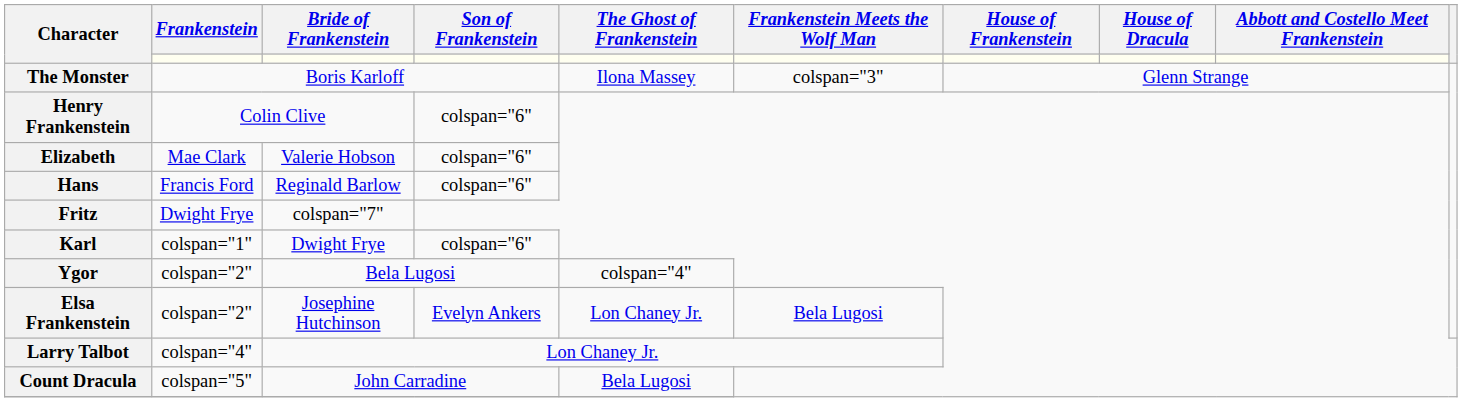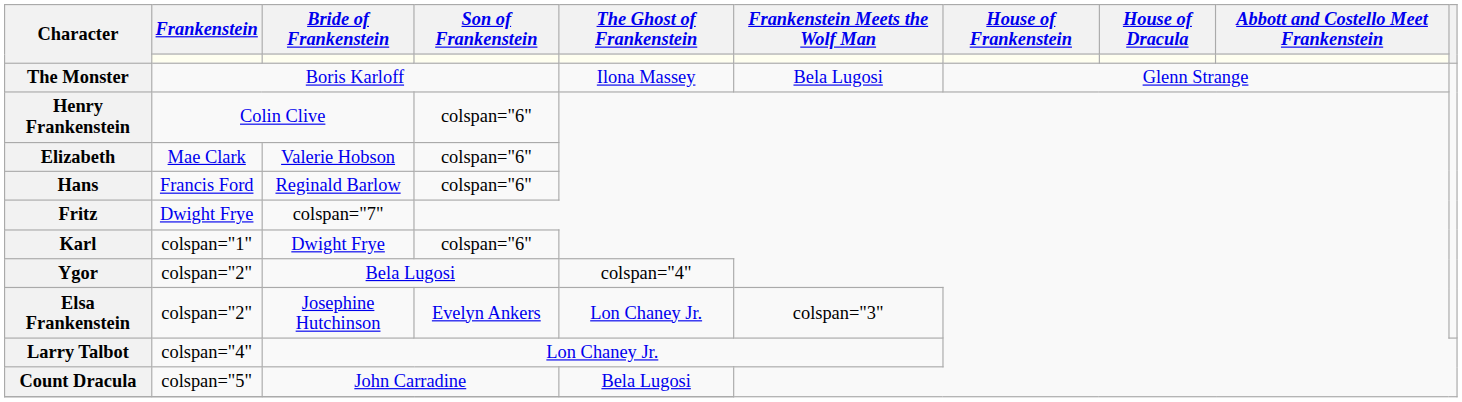 <table class="wikitable sticky-header mw-collapsible" style="text-align:center; width: 100%">
 <tr>
 <th rowspan="2">Character</th>
 <th><em><a href='#'>Frankenstein</a></em></th>
 <th><em><a href='#'>Bride of Frankenstein</a></em></th>
 <th><em><a href='#'>Son of Frankenstein</a></em></th>
 <th><em><a href='#'>The Ghost of Frankenstein</a></em></th>
 <th><em><a href='#'>Frankenstein Meets the Wolf Man</a></em></th>
 <th><em><a href='#'>House of Frankenstein</a></em></th>
 <th><em><a href='#'>House of Dracula</a></em></th>
 <th><em><a href='#'>Abbott and Costello Meet Frankenstein</a></em></th>
 <th rowspan="2"></th>
 </tr>
 <tr>
 <th style="background:ivory;"></th>
 <th style="background:ivory;"></th>
 <th style="background:ivory;"></th>
 <th style="background:ivory;"></th>
 <th style="background:ivory;"></th>
 <th style="background:ivory;"></th>
 <th style="background:ivory;"></th>
 <th style="background:ivory;"></th>
 </tr>
 <tr>
 <th scope="row">The Monster</th>
 <td colspan="3"><a href='#'>Boris Karloff</a></td>
 <td><a href='#'>Ilona Massey</a></td>
-<td>colspan="3" </td>
+<td><a href='#'>Bela Lugosi</a></td>
 <td colspan=3><a href='#'>Glenn Strange</a></td>
 <td rowspan="8"><br><br><br><br><br><br><br></td>
 </tr>
 <tr>
 <th scope="row">Henry Frankenstein</th>
 <td colspan="2"><a href='#'>Colin Clive</a></td>
 <td>colspan="6" </td>
 </tr>
 <tr>
 <th scope="row">Elizabeth</th>
 <td><a href='#'>Mae Clark</a></td>
 <td><a href='#'>Valerie Hobson</a></td>
 <td>colspan="6" </td>
 </tr>
 <tr>
 <th scope="row">Hans</th>
 <td><a href='#'>Francis Ford</a></td>
 <td><a href='#'>Reginald Barlow</a></td>
 <td>colspan="6" </td>
 </tr>
 <tr>
 <th scope="row">Fritz</th>
 <td><a href='#'>Dwight Frye</a></td>
 <td>colspan="7" </td>
 </tr>
 <tr>
 <th scope="row">Karl</th>
 <td>colspan="1" </td>
 <td><a href='#'>Dwight Frye</a></td>
 <td>colspan="6" </td>
 </tr>
 <tr>
 <th scope="row">Ygor</th>
 <td>colspan="2" </td>
 <td colspan="2"><a href='#'>Bela Lugosi</a></td>
 <td>colspan="4" </td>
 </tr>
 <tr>
 <th scope="row">Elsa Frankenstein</th>
 <td>colspan="2" </td>
 <td><a href='#'>Josephine Hutchinson</a></td>
 <td><a href='#'>Evelyn Ankers</a></td>
 <td><a href='#'>Lon Chaney Jr.</a></td>
-<td><a href='#'>Bela Lugosi</a></td>
+<td>colspan="3" </td>
 </tr>
 <tr>
 <th scope="row">Larry Talbot<br></th>
 <td>colspan="4" </td>
 <td colspan="4"><a href='#'>Lon Chaney Jr.</a></td>
 </tr>
 <tr>
 <th scope="row">Count Dracula</th>
 <td>colspan="5" </td>
 <td colspan="2"><a href='#'>John Carradine</a></td>
 <td><a href='#'>Bela Lugosi</a></td>
 </tr>
 <tr>
 </tr>
 </table>
